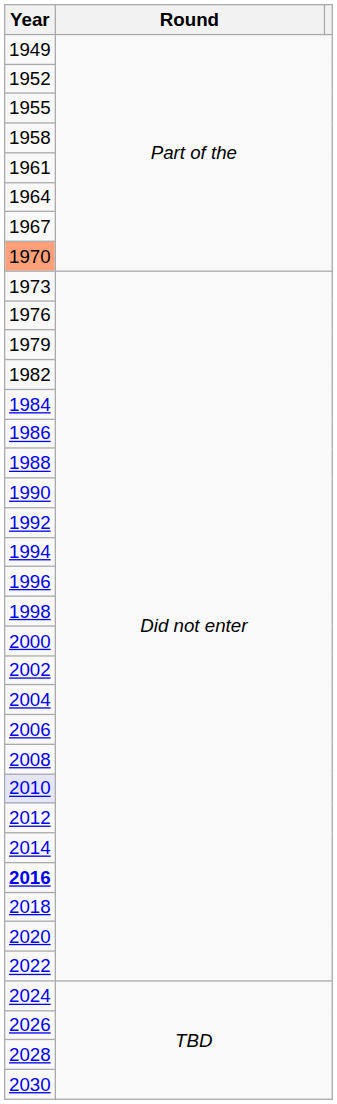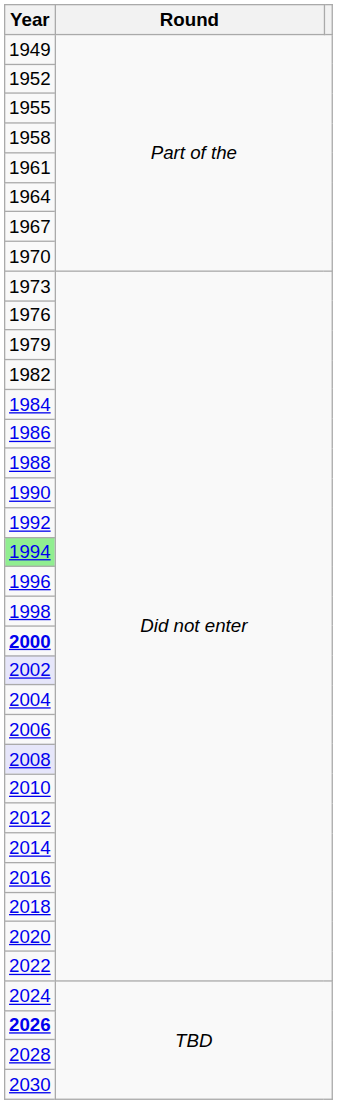 <table class="wikitable" style="text-align: center; font-size:90%">
 <tr>
 <th>Year</th>
 <th style="width:200px">Round</th>
 <th></th>
 </tr>
 <tr>
 <td>1949</td>
 <td colspan="2" rowspan="8"><em>Part of the </em></td>
 </tr>
 <tr>
 <td>1952</td>
 </tr>
 <tr>
 <td>1955</td>
 </tr>
 <tr>
 <td>1958</td>
 </tr>
 <tr>
 <td>1961</td>
 </tr>
 <tr>
 <td>1964</td>
 </tr>
 <tr>
 <td>1967</td>
 </tr>
 <tr>
-<td style="background: lightsalmon;">1970</td>
+<td>1970</td>
 </tr>
 <tr>
 <td>1973</td>
 <td colspan="2" rowspan="24"><em>Did not enter</em></td>
 </tr>
 <tr>
 <td>1976</td>
 </tr>
 <tr>
 <td>1979</td>
 </tr>
 <tr>
 <td>1982</td>
 </tr>
 <tr>
 <td><a href='#'>1984</a></td>
 </tr>
 <tr>
 <td><a href='#'>1986</a></td>
 </tr>
 <tr>
 <td><a href='#'>1988</a></td>
 </tr>
 <tr>
 <td><a href='#'>1990</a></td>
 </tr>
 <tr>
 <td><a href='#'>1992</a></td>
 </tr>
 <tr>
-<td><a href='#'>1994</a></td>
+<td style="background: lightgreen;"><a href='#'>1994</a></td>
 </tr>
 <tr>
 <td><a href='#'>1996</a></td>
 </tr>
 <tr>
 <td><a href='#'>1998</a></td>
 </tr>
 <tr>
-<td><a href='#'>2000</a></td>
+<td><strong><a href='#'>2000</a></strong></td>
 </tr>
 <tr>
-<td><a href='#'>2002</a></td>
+<td style="background: lavender;"><a href='#'>2002</a></td>
 </tr>
 <tr>
 <td><a href='#'>2004</a></td>
 </tr>
 <tr>
 <td><a href='#'>2006</a></td>
 </tr>
 <tr>
-<td><a href='#'>2008</a></td>
+<td style="background: lavender;"><a href='#'>2008</a></td>
 </tr>
 <tr>
-<td style="background: lavender;"><a href='#'>2010</a></td>
+<td><a href='#'>2010</a></td>
 </tr>
 <tr>
 <td><a href='#'>2012</a></td>
 </tr>
 <tr>
 <td><a href='#'>2014</a></td>
 </tr>
 <tr>
-<td><strong><a href='#'>2016</a></strong></td>
+<td><a href='#'>2016</a></td>
 </tr>
 <tr>
 <td><a href='#'>2018</a></td>
 </tr>
 <tr>
 <td><a href='#'>2020</a></td>
 </tr>
 <tr>
 <td><a href='#'>2022</a></td>
 </tr>
 <tr>
 <td><a href='#'>2024</a></td>
 <td colspan="2" rowspan="4"><em>TBD</em></td>
 </tr>
 <tr>
-<td><a href='#'>2026</a></td>
+<td><strong><a href='#'>2026</a></strong></td>
 </tr>
 <tr>
 <td><a href='#'>2028</a></td>
 </tr>
 <tr>
 <td><a href='#'>2030</a></td>
 </tr>
 </table>
